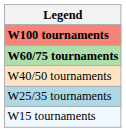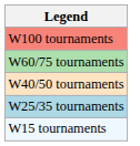 <table class=wikitable style="font-size:85%">
 <tr>
 <th>Legend</th>
 </tr>
 <tr style="background:#f88379;">
-<td><strong>W100 tournaments</strong></td>
+<td>W100 tournaments</td>
 </tr>
 <tr style="background:#addfad;">
-<td><strong>W60/75 tournaments</strong></td>
+<td>W60/75 tournaments</td>
 </tr>
 <tr style="background:#ffe4c4;">
 <td>W40/50 tournaments</td>
 </tr>
 <tr style="background:lightblue;">
 <td>W25/35 tournaments</td>
 </tr>
 <tr style="background:#f0f8ff;">
 <td>W15 tournaments</td>
 </tr>
 </table>
